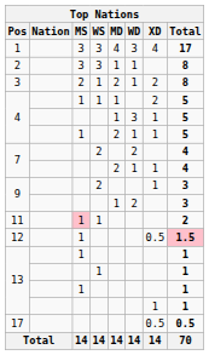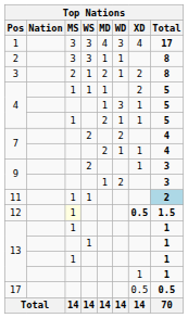 <table class="wikitable" style="text-align:center">
 <tr>
 <th colspan="10">Top Nations</th>
 </tr>
 <tr>
 <th>Pos</th>
 <th>Nation</th>
 <th>MS</th>
 <th>WS</th>
 <th>MD</th>
 <th>WD</th>
 <th>XD</th>
 <th>Total</th>
 </tr>
 <tr>
 <td>1</td>
 <td align="left"></td>
 <td>3</td>
 <td>3</td>
 <td>4</td>
 <td>3</td>
 <td>4</td>
 <td><strong>17</strong></td>
 </tr>
 <tr>
 <td>2</td>
 <td align="left"></td>
 <td>3</td>
 <td>3</td>
 <td>1</td>
 <td>1</td>
 <td></td>
 <td><strong>8</strong></td>
 </tr>
 <tr>
 <td>3</td>
 <td align="left"></td>
 <td>2</td>
 <td>1</td>
 <td>2</td>
 <td>1</td>
 <td>2</td>
 <td><strong>8</strong></td>
 </tr>
 <tr>
 <td rowspan="3">4</td>
 <td align="left"></td>
 <td>1</td>
 <td>1</td>
 <td>1</td>
 <td></td>
 <td>2</td>
 <td><strong>5</strong></td>
 </tr>
 <tr>
 <td align="left"></td>
 <td></td>
 <td></td>
 <td>1</td>
 <td>3</td>
 <td>1</td>
 <td><strong>5</strong></td>
 </tr>
 <tr>
 <td align="left"></td>
 <td>1</td>
 <td></td>
 <td>2</td>
 <td>1</td>
 <td>1</td>
 <td><strong>5</strong></td>
 </tr>
 <tr>
 <td rowspan="2">7</td>
 <td align="left"></td>
 <td></td>
 <td>2</td>
 <td></td>
 <td>2</td>
 <td></td>
 <td><strong>4</strong></td>
 </tr>
 <tr>
 <td align="left"></td>
 <td></td>
 <td></td>
 <td>2</td>
 <td>1</td>
 <td>1</td>
 <td><strong>4</strong></td>
 </tr>
 <tr>
 <td rowspan="2">9</td>
 <td align="left"></td>
 <td></td>
 <td>2</td>
 <td></td>
 <td></td>
 <td>1</td>
 <td><strong>3</strong></td>
 </tr>
 <tr>
 <td align="left"></td>
 <td></td>
 <td></td>
 <td>1</td>
 <td>2</td>
 <td></td>
 <td><strong>3</strong></td>
 </tr>
 <tr>
 <td>11</td>
 <td align="left"></td>
-<td style="background: pink;">1</td>
+<td>1</td>
 <td>1</td>
 <td></td>
 <td></td>
 <td></td>
-<td><strong>2</strong></td>
+<td style="background: lightblue;"><strong>2</strong></td>
 </tr>
 <tr>
 <td>12</td>
 <td align="left"></td>
-<td>1</td>
+<td style="background: lightyellow;">1</td>
 <td></td>
 <td></td>
 <td></td>
-<td>0.5</td>
-<td style="background: pink;"><strong>1.5</strong></td>
+<td><strong>0.5</strong></td>
+<td><strong>1.5</strong></td>
 </tr>
 <tr>
 <td rowspan="4">13</td>
 <td align="left"></td>
 <td>1</td>
 <td></td>
 <td></td>
 <td></td>
 <td></td>
 <td><strong>1</strong></td>
 </tr>
 <tr>
 <td align="left"></td>
 <td></td>
 <td>1</td>
 <td></td>
 <td></td>
 <td></td>
 <td><strong>1</strong></td>
 </tr>
 <tr>
 <td align="left"></td>
 <td>1</td>
 <td></td>
 <td></td>
 <td></td>
 <td></td>
 <td><strong>1</strong></td>
 </tr>
 <tr>
 <td align="left"></td>
 <td></td>
 <td></td>
 <td></td>
 <td></td>
 <td>1</td>
 <td><strong>1</strong></td>
 </tr>
 <tr>
 <td>17</td>
 <td align="left"></td>
 <td></td>
 <td></td>
 <td></td>
 <td></td>
 <td>0.5</td>
 <td><strong>0.5</strong></td>
 </tr>
 <tr>
 <th colspan="2">Total</th>
 <th>14</th>
 <th>14</th>
 <th>14</th>
 <th>14</th>
 <th>14</th>
 <th>70</th>
 </tr>
 </table>
